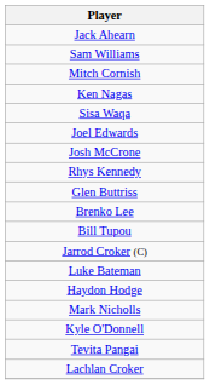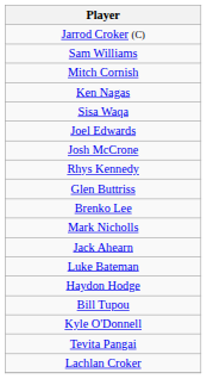 <table class="wikitable" style="text-align: center;">
 <tr>
 <th style="width:250px;">Player</th>
 </tr>
 <tr>
-<td><a href='#'>Jack Ahearn</a></td>
+<td><a href='#'>Jarrod Croker</a> <small>(C)</small></td>
 </tr>
 <tr>
 <td><a href='#'>Sam Williams</a></td>
 </tr>
 <tr>
 <td><a href='#'>Mitch Cornish</a></td>
 </tr>
 <tr>
 <td><a href='#'>Ken Nagas</a></td>
 </tr>
 <tr>
 <td><a href='#'>Sisa Waqa</a></td>
 </tr>
 <tr>
 <td><a href='#'>Joel Edwards</a></td>
 </tr>
 <tr>
 <td><a href='#'>Josh McCrone</a></td>
 </tr>
 <tr>
 <td><a href='#'>Rhys Kennedy</a></td>
 </tr>
 <tr>
 <td><a href='#'>Glen Buttriss</a></td>
 </tr>
 <tr>
 <td><a href='#'>Brenko Lee</a></td>
 </tr>
 <tr>
-<td><a href='#'>Bill Tupou</a></td>
+<td><a href='#'>Mark Nicholls</a></td>
 </tr>
 <tr>
-<td><a href='#'>Jarrod Croker</a> <small>(C)</small></td>
+<td><a href='#'>Jack Ahearn</a></td>
 </tr>
 <tr>
 <td><a href='#'>Luke Bateman</a></td>
 </tr>
 <tr>
 <td><a href='#'>Haydon Hodge</a></td>
 </tr>
 <tr>
-<td><a href='#'>Mark Nicholls</a></td>
+<td><a href='#'>Bill Tupou</a></td>
 </tr>
 <tr>
 <td><a href='#'>Kyle O'Donnell</a></td>
 </tr>
 <tr>
 <td><a href='#'>Tevita Pangai</a></td>
 </tr>
 <tr>
 <td><a href='#'>Lachlan Croker</a></td>
 </tr>
 <tr>
 </tr>
 </table>
